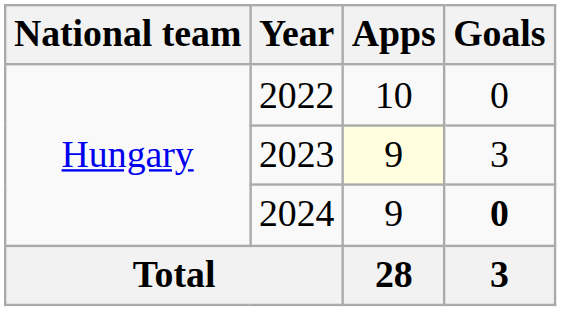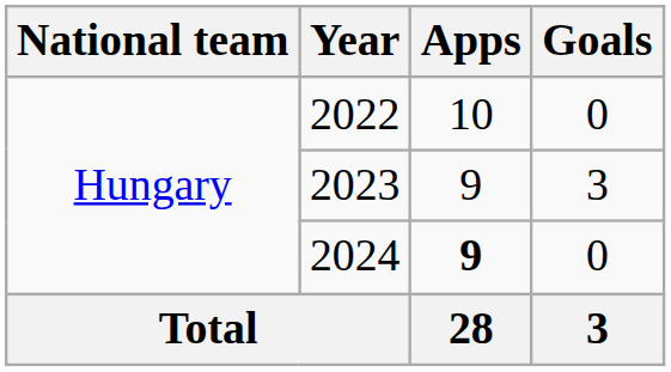 <table class="wikitable" style="text-align:center">
 <tr>
 <th>National team</th>
 <th>Year</th>
 <th>Apps</th>
 <th>Goals</th>
 </tr>
 <tr>
 <td rowspan="3"><a href='#'>Hungary</a></td>
 <td>2022</td>
 <td>10</td>
 <td>0</td>
 </tr>
 <tr>
 <td>2023</td>
-<td style="background: lightyellow;">9</td>
+<td>9</td>
 <td>3</td>
 </tr>
 <tr>
 <td>2024</td>
-<td>9</td>
-<td><strong>0</strong></td>
+<td><strong>9</strong></td>
+<td>0</td>
 </tr>
 <tr>
 <th colspan="2">Total</th>
 <th>28</th>
 <th>3</th>
 </tr>
 </table>
